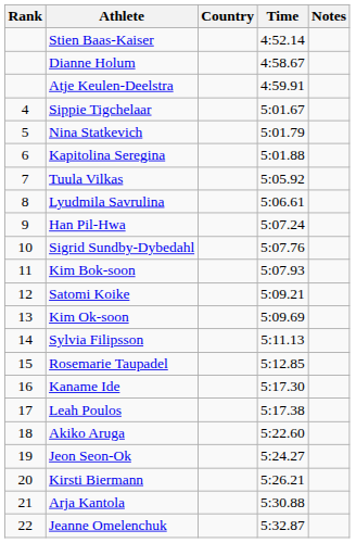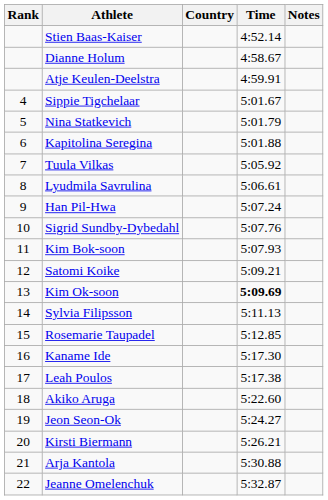 <table class="wikitable sortable" style="text-align:center">
 <tr>
 <th>Rank</th>
 <th>Athlete</th>
 <th>Country</th>
 <th>Time</th>
 <th>Notes</th>
 </tr>
 <tr>
 <td></td>
 <td align=left><a href='#'>Stien Baas-Kaiser</a></td>
 <td align=left></td>
 <td>4:52.14</td>
 <td></td>
 </tr>
 <tr>
 <td></td>
 <td align=left><a href='#'>Dianne Holum</a></td>
 <td align=left></td>
 <td>4:58.67</td>
 <td></td>
 </tr>
 <tr>
 <td></td>
 <td align=left><a href='#'>Atje Keulen-Deelstra</a></td>
 <td align=left></td>
 <td>4:59.91</td>
 <td></td>
 </tr>
 <tr>
 <td>4</td>
 <td align=left><a href='#'>Sippie Tigchelaar</a></td>
 <td align=left></td>
 <td>5:01.67</td>
 <td></td>
 </tr>
 <tr>
 <td>5</td>
 <td align=left><a href='#'>Nina Statkevich</a></td>
 <td align=left></td>
 <td>5:01.79</td>
 <td></td>
 </tr>
 <tr>
 <td>6</td>
 <td align=left><a href='#'>Kapitolina Seregina</a></td>
 <td align=left></td>
 <td>5:01.88</td>
 <td></td>
 </tr>
 <tr>
 <td>7</td>
 <td align=left><a href='#'>Tuula Vilkas</a></td>
 <td align=left></td>
 <td>5:05.92</td>
 <td></td>
 </tr>
 <tr>
 <td>8</td>
 <td align=left><a href='#'>Lyudmila Savrulina</a></td>
 <td align=left></td>
 <td>5:06.61</td>
 <td></td>
 </tr>
 <tr>
 <td>9</td>
 <td align=left><a href='#'>Han Pil-Hwa</a></td>
 <td align=left></td>
 <td>5:07.24</td>
 <td></td>
 </tr>
 <tr>
 <td>10</td>
 <td align=left><a href='#'>Sigrid Sundby-Dybedahl</a></td>
 <td align=left></td>
 <td>5:07.76</td>
 <td></td>
 </tr>
 <tr>
 <td>11</td>
 <td align=left><a href='#'>Kim Bok-soon</a></td>
 <td align=left></td>
 <td>5:07.93</td>
 <td></td>
 </tr>
 <tr>
 <td>12</td>
 <td align=left><a href='#'>Satomi Koike</a></td>
 <td align=left></td>
 <td>5:09.21</td>
 <td></td>
 </tr>
 <tr>
 <td>13</td>
 <td align=left><a href='#'>Kim Ok-soon</a></td>
 <td align=left></td>
-<td>5:09.69</td>
+<td><strong>5:09.69</strong></td>
 <td></td>
 </tr>
 <tr>
 <td>14</td>
 <td align=left><a href='#'>Sylvia Filipsson</a></td>
 <td align=left></td>
 <td>5:11.13</td>
 <td></td>
 </tr>
 <tr>
 <td>15</td>
 <td align=left><a href='#'>Rosemarie Taupadel</a></td>
 <td align=left></td>
 <td>5:12.85</td>
 <td></td>
 </tr>
 <tr>
 <td>16</td>
 <td align=left><a href='#'>Kaname Ide</a></td>
 <td align=left></td>
 <td>5:17.30</td>
 <td></td>
 </tr>
 <tr>
 <td>17</td>
 <td align=left><a href='#'>Leah Poulos</a></td>
 <td align=left></td>
 <td>5:17.38</td>
 <td></td>
 </tr>
 <tr>
 <td>18</td>
 <td align=left><a href='#'>Akiko Aruga</a></td>
 <td align=left></td>
 <td>5:22.60</td>
 <td></td>
 </tr>
 <tr>
 <td>19</td>
 <td align=left><a href='#'>Jeon Seon-Ok</a></td>
 <td align=left></td>
 <td>5:24.27</td>
 <td></td>
 </tr>
 <tr>
 <td>20</td>
 <td align=left><a href='#'>Kirsti Biermann</a></td>
 <td align=left></td>
 <td>5:26.21</td>
 </tr>
 <tr>
 <td>21</td>
 <td align=left><a href='#'>Arja Kantola</a></td>
 <td align=left></td>
 <td>5:30.88</td>
 <td></td>
 </tr>
 <tr>
 <td>22</td>
 <td align=left><a href='#'>Jeanne Omelenchuk</a></td>
 <td align=left></td>
 <td>5:32.87</td>
 <td></td>
 </tr>
 </table>
